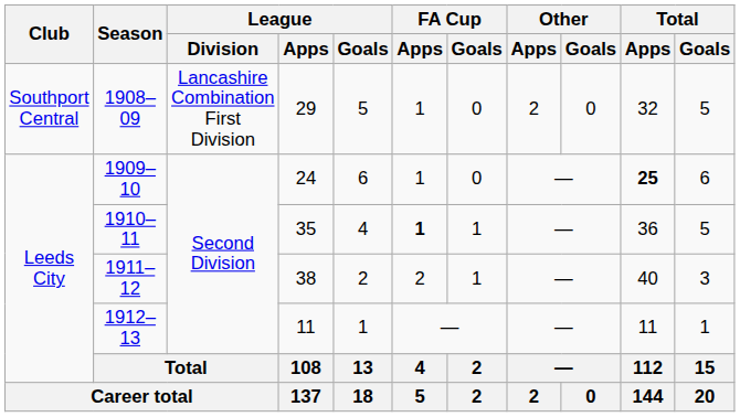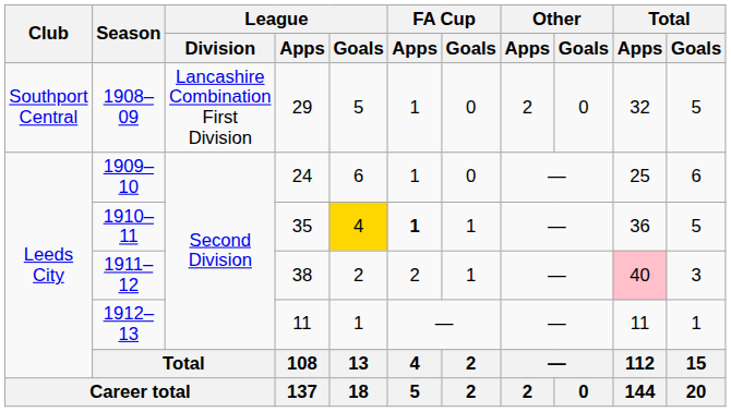 <table class="wikitable" style="text-align: center;">
 <tr>
 <th rowspan="2">Club</th>
 <th rowspan="2">Season</th>
 <th colspan="3">League</th>
 <th colspan="2">FA Cup</th>
 <th colspan="2">Other</th>
 <th colspan="2">Total</th>
 </tr>
 <tr>
 <th>Division</th>
 <th>Apps</th>
 <th>Goals</th>
 <th>Apps</th>
 <th>Goals</th>
 <th>Apps</th>
 <th>Goals</th>
 <th>Apps</th>
 <th>Goals</th>
 </tr>
 <tr>
 <td><a href='#'>Southport Central</a></td>
 <td><a href='#'>1908–09</a></td>
 <td><a href='#'>Lancashire Combination</a> First Division</td>
 <td>29</td>
 <td>5</td>
 <td>1</td>
 <td>0</td>
 <td>2</td>
 <td>0</td>
 <td>32</td>
 <td>5</td>
 </tr>
 <tr>
 <td rowspan="5"><a href='#'>Leeds City</a></td>
 <td><a href='#'>1909–10</a></td>
 <td rowspan="4"><a href='#'>Second Division</a></td>
 <td>24</td>
 <td>6</td>
 <td>1</td>
 <td>0</td>
 <td colspan="2">—</td>
-<td><strong>25</strong></td>
+<td>25</td>
 <td>6</td>
 </tr>
 <tr>
 <td><a href='#'>1910–11</a></td>
 <td>35</td>
-<td>4</td>
+<td style="background: gold;">4</td>
 <td><strong>1</strong></td>
 <td>1</td>
 <td colspan="2">—</td>
 <td>36</td>
 <td>5</td>
 </tr>
 <tr>
 <td><a href='#'>1911–12</a></td>
 <td>38</td>
 <td>2</td>
 <td>2</td>
 <td>1</td>
 <td colspan="2">—</td>
-<td>40</td>
+<td style="background: pink;">40</td>
 <td>3</td>
 </tr>
 <tr>
 <td><a href='#'>1912–13</a></td>
 <td>11</td>
 <td>1</td>
 <td colspan="2">—</td>
 <td colspan="2">—</td>
 <td>11</td>
 <td>1</td>
 </tr>
 <tr>
 <th colspan="2">Total</th>
 <th>108</th>
 <th>13</th>
 <th>4</th>
 <th>2</th>
 <th colspan="2">—</th>
 <th>112</th>
 <th>15</th>
 </tr>
 <tr>
 <th colspan="3">Career total</th>
 <th>137</th>
 <th>18</th>
 <th>5</th>
 <th>2</th>
 <th>2</th>
 <th>0</th>
 <th>144</th>
 <th>20</th>
 </tr>
 </table>
